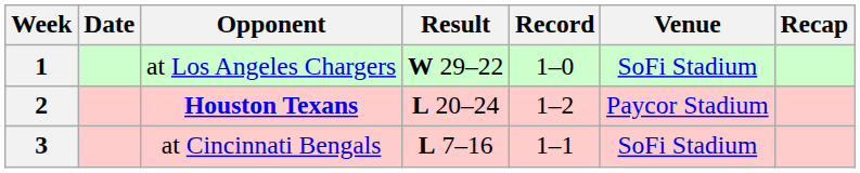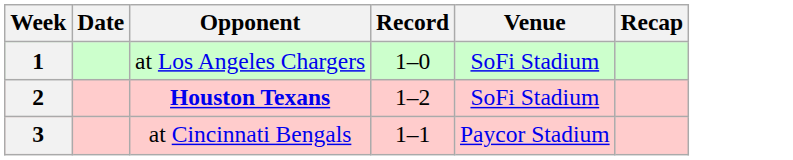 <table class="wikitable" style="text-align:center">
 <tr>
 <th>Week</th>
 <th>Date</th>
 <th>Opponent</th>
-<th>Result</th>
 <th>Record</th>
 <th>Venue</th>
 <th>Recap</th>
 </tr>
 <tr style="background:#cfc">
 <th>1</th>
 <td></td>
 <td>at <a href='#'>Los Angeles Chargers</a></td>
-<td><strong>W</strong> 29–22</td>
 <td>1–0</td>
 <td><a href='#'>SoFi Stadium</a></td>
 <td></td>
 </tr>
 <tr style="background:#fcc">
 <th>2</th>
 <td></td>
 <td><strong><a href='#'>Houston Texans</a></strong></td>
-<td><strong>L</strong> 20–24</td>
 <td>1–2</td>
-<td><a href='#'>Paycor Stadium</a></td>
+<td><a href='#'>SoFi Stadium</a></td>
 <td></td>
 </tr>
 <tr style="background:#fcc">
 <th>3</th>
 <td></td>
 <td>at <a href='#'>Cincinnati Bengals</a></td>
-<td><strong>L</strong> 7–16</td>
 <td>1–1</td>
-<td><a href='#'>SoFi Stadium</a></td>
+<td><a href='#'>Paycor Stadium</a></td>
 <td></td>
 </tr>
 </table>
